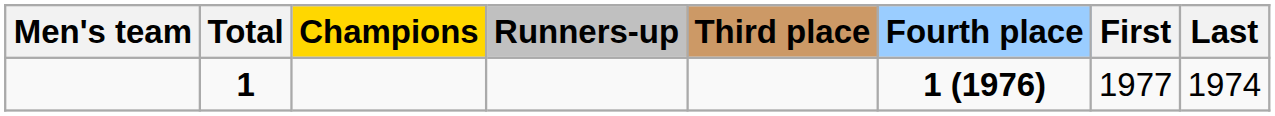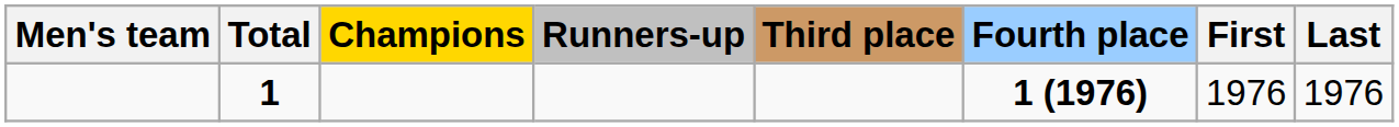 <table class="wikitable" style="text-align: center; font-size: 90%; margin-left: 1em;">
 <tr>
 <th>Men's team</th>
 <th>Total</th>
 <th style="background-color: gold;">Champions</th>
 <th style="background-color: silver;">Runners-up</th>
 <th style="background-color: #cc9966;">Third place</th>
 <th style="background-color: #9acdff;">Fourth place</th>
 <th>First</th>
 <th>Last</th>
 </tr>
 <tr>
 <td style="text-align: left;"></td>
 <td><strong>1</strong></td>
 <td></td>
 <td></td>
 <td></td>
 <td><strong>1 (1976)</strong></td>
-<td>1977</td>
-<td>1974</td>
+<td>1976</td>
+<td>1976</td>
 </tr>
 </table>
